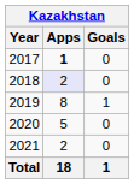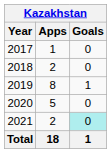 <table class="wikitable" style="text-align:center">
 <tr>
 <th colspan=3><a href='#'>Kazakhstan</a></th>
 </tr>
 <tr>
 <th>Year</th>
 <th>Apps</th>
 <th>Goals</th>
 </tr>
 <tr>
 <td>2017</td>
-<td><strong>1</strong></td>
+<td>1</td>
 <td>0</td>
 </tr>
 <tr>
 <td>2018</td>
-<td style="background: lavender;">2</td>
+<td>2</td>
 <td>0</td>
 </tr>
 <tr>
 <td>2019</td>
 <td>8</td>
 <td>1</td>
 </tr>
 <tr>
 <td>2020</td>
 <td>5</td>
 <td>0</td>
 </tr>
 <tr>
 <td>2021</td>
 <td>2</td>
-<td>0</td>
+<td style="background: paleturquoise;">0</td>
 </tr>
 <tr>
 <th>Total</th>
 <th>18</th>
 <th>1</th>
 </tr>
 </table>
